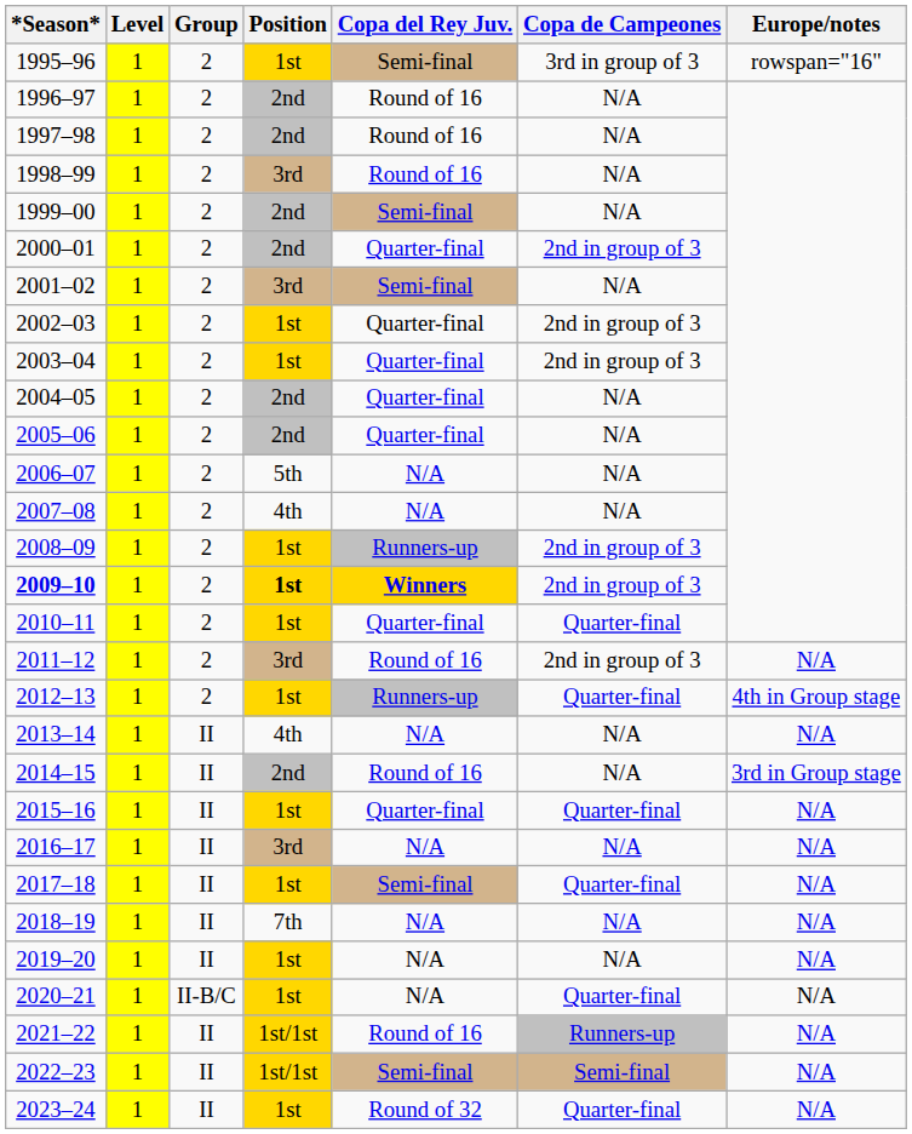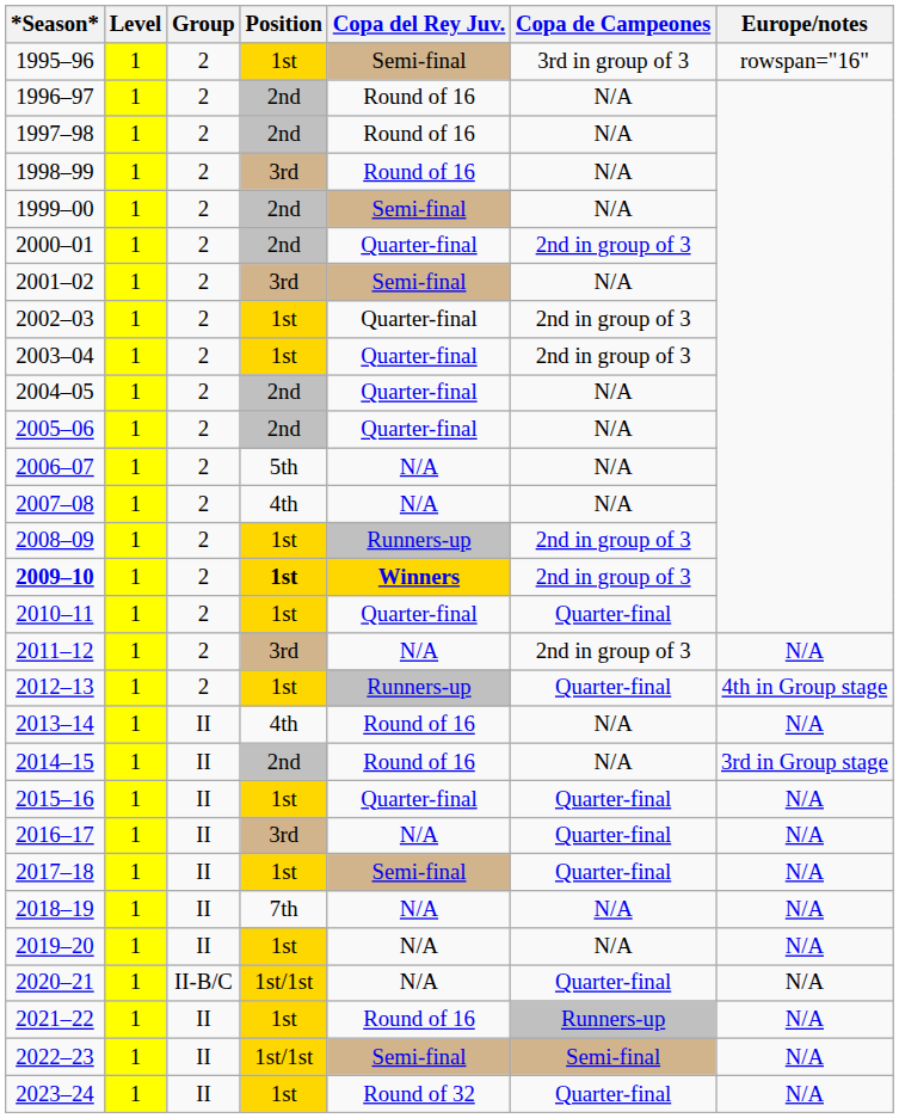 <table class="wikitable" style="text-align:center; font-size:90%">
 <tr>
 <th>*Season*</th>
 <th>Level</th>
 <th>Group</th>
 <th>Position</th>
 <th><a href='#'>Copa del Rey Juv.</a></th>
 <th><a href='#'>Copa de Campeones</a></th>
 <th>Europe/notes</th>
 </tr>
 <tr>
 <td>1995–96</td>
 <td bgcolor=#FFFF00>1</td>
 <td>2</td>
 <td bgcolor=gold>1st</td>
 <td bgcolor=#D2B48C>Semi-final</td>
 <td>3rd in group of 3</td>
 <td>rowspan="16" </td>
 </tr>
 <tr>
 <td>1996–97</td>
 <td bgcolor=#FFFF00>1</td>
 <td>2</td>
 <td bgcolor=silver>2nd</td>
 <td>Round of 16</td>
 <td>N/A</td>
 </tr>
 <tr>
 <td>1997–98</td>
 <td bgcolor=#FFFF00>1</td>
 <td>2</td>
 <td bgcolor=silver>2nd</td>
 <td>Round of 16</td>
 <td>N/A</td>
 </tr>
 <tr>
 <td>1998–99</td>
 <td bgcolor=#FFFF00>1</td>
 <td>2</td>
 <td bgcolor=#D2B48C>3rd</td>
 <td><a href='#'>Round of 16</a></td>
 <td>N/A</td>
 </tr>
 <tr>
 <td>1999–00</td>
 <td bgcolor=#FFFF00>1</td>
 <td>2</td>
 <td bgcolor=silver>2nd</td>
 <td bgcolor=#D2B48C><a href='#'>Semi-final</a></td>
 <td>N/A</td>
 </tr>
 <tr>
 <td>2000–01</td>
 <td bgcolor=#FFFF00>1</td>
 <td>2</td>
 <td bgcolor=silver>2nd</td>
 <td><a href='#'>Quarter-final</a></td>
 <td><a href='#'>2nd in group of 3</a></td>
 </tr>
 <tr>
 <td>2001–02</td>
 <td bgcolor=#FFFF00>1</td>
 <td>2</td>
 <td bgcolor=#D2B48C>3rd</td>
 <td bgcolor=#D2B48C><a href='#'>Semi-final</a></td>
 <td>N/A</td>
 </tr>
 <tr>
 <td>2002–03</td>
 <td bgcolor=#FFFF00>1</td>
 <td>2</td>
 <td bgcolor=gold>1st</td>
 <td>Quarter-final</td>
 <td>2nd in group of 3</td>
 </tr>
 <tr>
 <td>2003–04</td>
 <td bgcolor=#FFFF00>1</td>
 <td>2</td>
 <td bgcolor=gold>1st</td>
 <td><a href='#'>Quarter-final</a></td>
 <td>2nd in group of 3</td>
 </tr>
 <tr>
 <td>2004–05</td>
 <td bgcolor=#FFFF00>1</td>
 <td>2</td>
 <td bgcolor=silver>2nd</td>
 <td><a href='#'>Quarter-final</a></td>
 <td>N/A</td>
 </tr>
 <tr>
 <td><a href='#'>2005–06</a></td>
 <td bgcolor=#FFFF00>1</td>
 <td>2</td>
 <td bgcolor=silver>2nd</td>
 <td><a href='#'>Quarter-final</a></td>
 <td>N/A</td>
 </tr>
 <tr>
 <td><a href='#'>2006–07</a></td>
 <td bgcolor=#FFFF00>1</td>
 <td>2</td>
 <td>5th</td>
 <td><a href='#'>N/A</a></td>
 <td>N/A</td>
 </tr>
 <tr>
 <td><a href='#'>2007–08</a></td>
 <td bgcolor=#FFFF00>1</td>
 <td>2</td>
 <td>4th</td>
 <td><a href='#'>N/A</a></td>
 <td>N/A</td>
 </tr>
 <tr>
 <td><a href='#'>2008–09</a></td>
 <td bgcolor=#FFFF00>1</td>
 <td>2</td>
 <td bgcolor=gold>1st</td>
 <td bgcolor=silver><a href='#'>Runners-up</a></td>
 <td><a href='#'>2nd in group of 3</a></td>
 </tr>
 <tr>
 <td><strong><a href='#'>2009–10</a></strong></td>
 <td bgcolor=#FFFF00>1</td>
 <td>2</td>
 <td bgcolor=gold><strong>1st</strong></td>
 <td bgcolor=gold><a href='#'><strong>Winners</strong></a></td>
 <td><a href='#'>2nd in group of 3</a></td>
 </tr>
 <tr>
 <td><a href='#'>2010–11</a></td>
 <td bgcolor=#FFFF00>1</td>
 <td>2</td>
 <td bgcolor=gold>1st</td>
 <td><a href='#'>Quarter-final</a></td>
 <td><a href='#'>Quarter-final</a></td>
 </tr>
 <tr>
 <td><a href='#'>2011–12</a></td>
 <td bgcolor=#FFFF00>1</td>
 <td>2</td>
 <td bgcolor=#D2B48C>3rd</td>
-<td><a href='#'>Round of 16</a></td>
+<td><a href='#'>N/A</a></td>
 <td>2nd in group of 3</td>
 <td><a href='#'>N/A</a></td>
 </tr>
 <tr>
 <td><a href='#'>2012–13</a></td>
 <td bgcolor=#FFFF00>1</td>
 <td>2</td>
 <td bgcolor=gold>1st</td>
 <td bgcolor=silver><a href='#'>Runners-up</a></td>
 <td><a href='#'>Quarter-final</a></td>
 <td><a href='#'>4th in Group stage</a></td>
 </tr>
 <tr>
 <td><a href='#'>2013–14</a></td>
 <td bgcolor=#FFFF00>1</td>
 <td>II</td>
 <td>4th</td>
-<td><a href='#'>N/A</a></td>
+<td><a href='#'>Round of 16</a></td>
 <td>N/A</td>
 <td><a href='#'>N/A</a></td>
 </tr>
 <tr>
 <td><a href='#'>2014–15</a></td>
 <td bgcolor=#FFFF00>1</td>
 <td>II</td>
 <td bgcolor=silver>2nd</td>
 <td><a href='#'>Round of 16</a></td>
 <td>N/A</td>
 <td><a href='#'>3rd in Group stage</a></td>
 </tr>
 <tr>
 <td><a href='#'>2015–16</a></td>
 <td bgcolor=#FFFF00>1</td>
 <td>II</td>
 <td bgcolor=gold>1st</td>
 <td><a href='#'>Quarter-final</a></td>
 <td><a href='#'>Quarter-final</a></td>
 <td><a href='#'>N/A</a></td>
 </tr>
 <tr>
 <td><a href='#'>2016–17</a></td>
 <td bgcolor=#FFFF00>1</td>
 <td>II</td>
 <td bgcolor=#D2B48C>3rd</td>
 <td><a href='#'>N/A</a></td>
-<td><a href='#'>N/A</a></td>
+<td><a href='#'>Quarter-final</a></td>
 <td><a href='#'>N/A</a></td>
 </tr>
 <tr>
 <td><a href='#'>2017–18</a></td>
 <td bgcolor=#FFFF00>1</td>
 <td>II</td>
 <td bgcolor=gold>1st</td>
 <td bgcolor=#D2B48C><a href='#'>Semi-final</a></td>
 <td><a href='#'>Quarter-final</a></td>
 <td><a href='#'>N/A</a></td>
 </tr>
 <tr>
 <td><a href='#'>2018–19</a></td>
 <td bgcolor=#FFFF00>1</td>
 <td>II</td>
 <td>7th</td>
 <td><a href='#'>N/A</a></td>
 <td><a href='#'>N/A</a></td>
 <td><a href='#'>N/A</a></td>
 </tr>
 <tr>
 <td><a href='#'>2019–20</a></td>
 <td bgcolor=#FFFF00>1</td>
 <td>II</td>
 <td bgcolor=gold>1st</td>
 <td>N/A</td>
 <td>N/A</td>
 <td><a href='#'>N/A</a></td>
 </tr>
 <tr>
 <td><a href='#'>2020–21</a></td>
 <td bgcolor=#FFFF00>1</td>
 <td>II-B/C</td>
-<td bgcolor=gold>1st</td>
+<td bgcolor=gold>1st/1st</td>
 <td>N/A</td>
 <td><a href='#'>Quarter-final</a></td>
 <td>N/A</td>
 </tr>
 <tr>
 <td><a href='#'>2021–22</a></td>
 <td bgcolor=#FFFF00>1</td>
 <td>II</td>
-<td bgcolor=gold>1st/1st</td>
+<td bgcolor=gold>1st</td>
 <td><a href='#'>Round of 16</a></td>
 <td bgcolor=silver><a href='#'>Runners-up</a></td>
 <td><a href='#'>N/A</a></td>
 </tr>
 <tr>
 <td><a href='#'>2022–23</a></td>
 <td bgcolor=#FFFF00>1</td>
 <td>II</td>
 <td bgcolor=gold>1st/1st</td>
 <td bgcolor=#D2B48C><a href='#'>Semi-final</a></td>
 <td bgcolor=#D2B48C><a href='#'>Semi-final</a></td>
 <td><a href='#'>N/A</a></td>
 </tr>
 <tr>
 <td><a href='#'>2023–24</a></td>
 <td bgcolor=#FFFF00>1</td>
 <td>II</td>
 <td bgcolor=gold>1st</td>
 <td><a href='#'>Round of 32</a></td>
 <td><a href='#'>Quarter-final</a></td>
 <td><a href='#'>N/A</a></td>
 </tr>
 <tr>
 </tr>
 </table>
